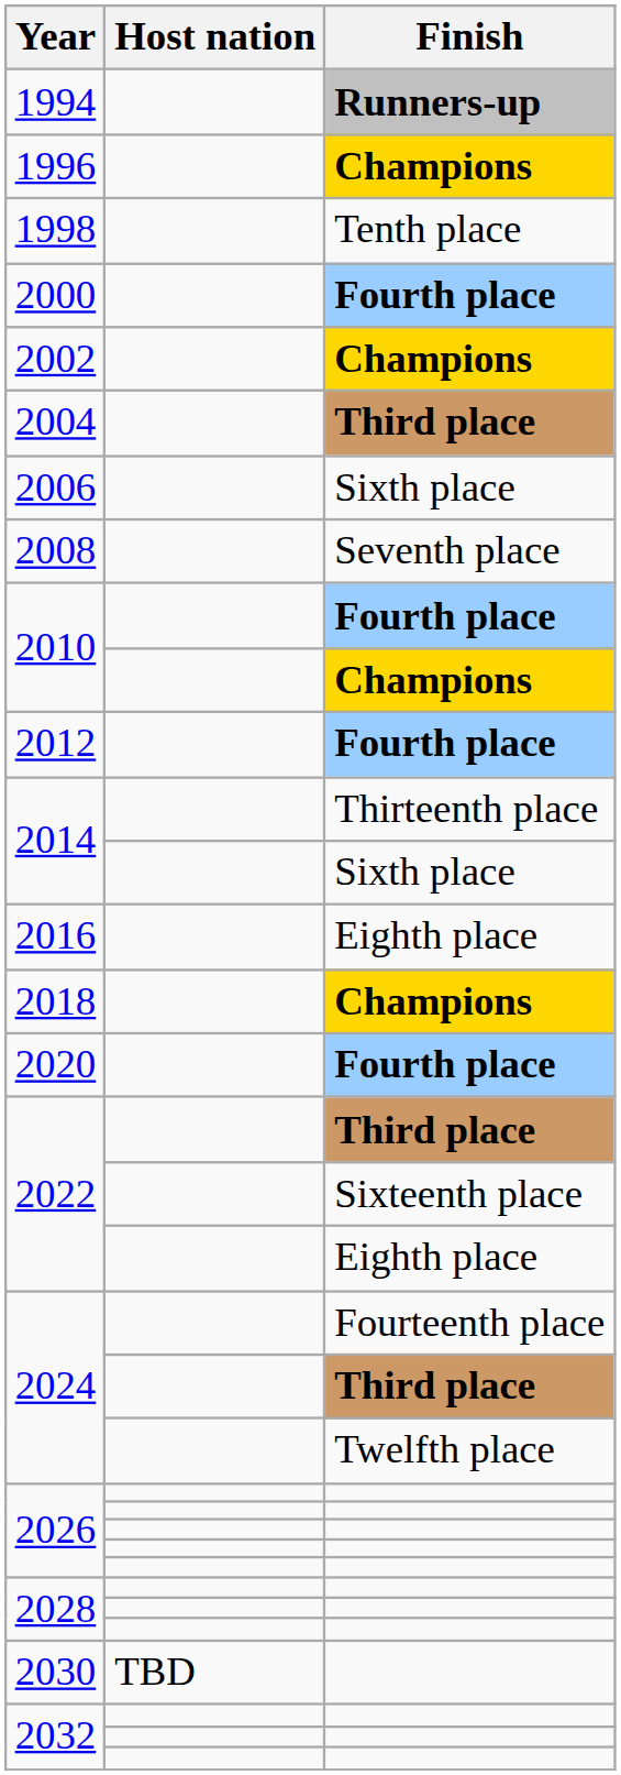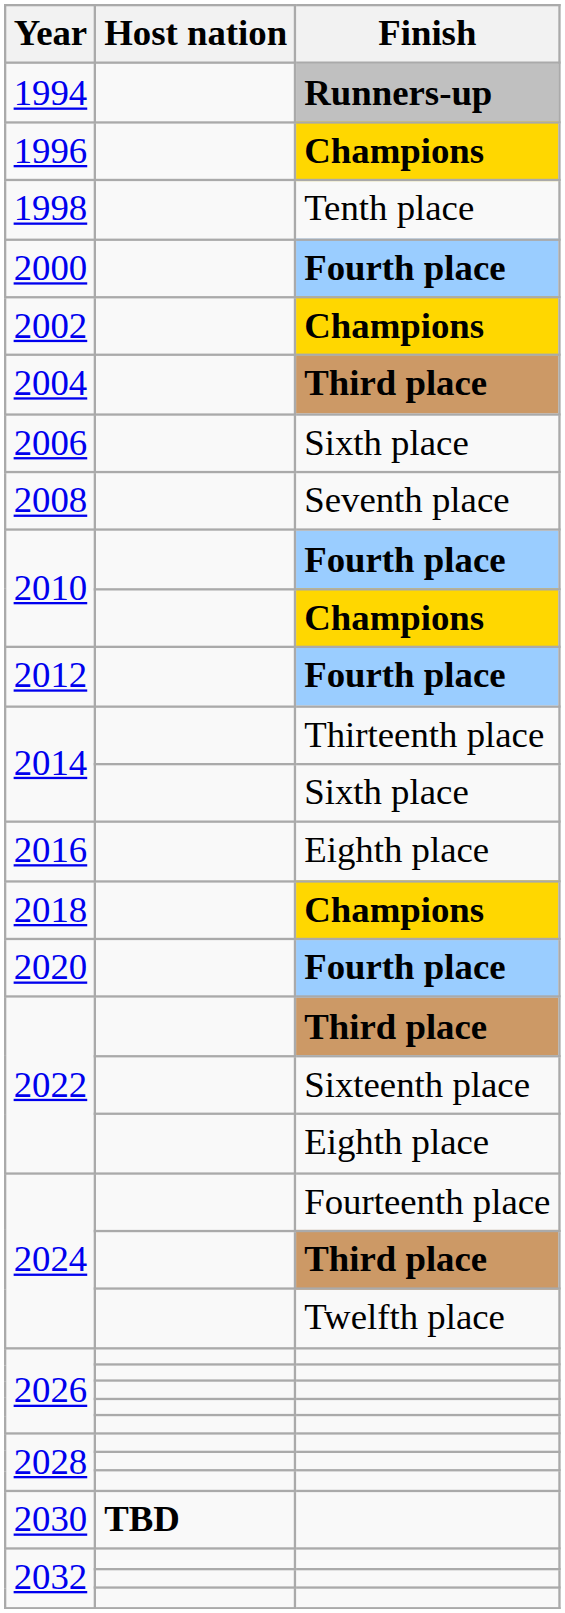 <table class="wikitable">
 <tr>
 <th>Year</th>
 <th>Host nation</th>
 <th>Finish</th>
 </tr>
 <tr>
 <td><a href='#'>1994</a></td>
 <td></td>
 <td bgcolor=silver><strong>Runners-up</strong></td>
 </tr>
 <tr>
 <td><a href='#'>1996</a></td>
 <td></td>
 <td bgcolor=gold><strong>Champions</strong></td>
 </tr>
 <tr>
 <td><a href='#'>1998</a></td>
 <td></td>
 <td>Tenth place</td>
 </tr>
 <tr>
 <td><a href='#'>2000</a></td>
 <td></td>
 <td bgcolor=#9acdff><strong>Fourth place</strong></td>
 </tr>
 <tr>
 <td><a href='#'>2002</a></td>
 <td></td>
 <td bgcolor=gold><strong>Champions</strong></td>
 </tr>
 <tr>
 <td><a href='#'>2004</a></td>
 <td></td>
 <td bgcolor=#cc9966><strong>Third place</strong></td>
 </tr>
 <tr>
 <td><a href='#'>2006</a></td>
 <td></td>
 <td>Sixth place</td>
 </tr>
 <tr>
 <td><a href='#'>2008</a></td>
 <td></td>
 <td>Seventh place</td>
 </tr>
 <tr>
 <td rowspan=2><a href='#'>2010</a></td>
 <td></td>
 <td bgcolor=#9acdff><strong>Fourth place</strong></td>
 </tr>
 <tr>
 <td></td>
 <td bgcolor=gold><strong>Champions</strong></td>
 </tr>
 <tr>
 <td><a href='#'>2012</a></td>
 <td></td>
 <td bgcolor=#9acdff><strong>Fourth place</strong></td>
 </tr>
 <tr>
 <td rowspan=2><a href='#'>2014</a></td>
 <td></td>
 <td>Thirteenth place</td>
 </tr>
 <tr>
 <td></td>
 <td>Sixth place</td>
 </tr>
 <tr>
 <td><a href='#'>2016</a></td>
 <td></td>
 <td>Eighth place</td>
 </tr>
 <tr>
 <td><a href='#'>2018</a></td>
 <td></td>
 <td bgcolor=gold><strong>Champions</strong></td>
 </tr>
 <tr>
 <td><a href='#'>2020</a></td>
 <td></td>
 <td bgcolor=#9acdff><strong>Fourth place</strong></td>
 </tr>
 <tr>
 <td rowspan=3><a href='#'>2022</a></td>
 <td></td>
 <td bgcolor=#cc9966><strong>Third place</strong></td>
 </tr>
 <tr>
 <td></td>
 <td>Sixteenth place</td>
 </tr>
 <tr>
 <td></td>
 <td>Eighth place</td>
 </tr>
 <tr>
 <td rowspan=3><a href='#'>2024</a></td>
 <td></td>
 <td>Fourteenth place</td>
 </tr>
 <tr>
 <td></td>
 <td bgcolor=#cc9966><strong>Third place</strong></td>
 </tr>
 <tr>
 <td></td>
 <td>Twelfth place</td>
 </tr>
 <tr>
 <td rowspan=5><a href='#'>2026</a></td>
 <td></td>
 <td></td>
 </tr>
 <tr>
 <td></td>
 <td></td>
 </tr>
 <tr>
 <td></td>
 <td></td>
 </tr>
 <tr>
 <td></td>
 <td></td>
 </tr>
 <tr>
 <td></td>
 <td></td>
 </tr>
 <tr>
 <td rowspan=3><a href='#'>2028</a></td>
 <td></td>
 <td></td>
 </tr>
 <tr>
 <td></td>
 <td></td>
 </tr>
 <tr>
 <td></td>
 <td></td>
 </tr>
 <tr>
 <td><a href='#'>2030</a></td>
-<td> TBD</td>
+<td><strong> TBD</strong></td>
 <td></td>
 </tr>
 <tr>
 <td rowspan=3><a href='#'>2032</a></td>
 <td></td>
 <td></td>
 </tr>
 <tr>
 <td></td>
 <td></td>
 </tr>
 <tr>
 <td></td>
 <td></td>
 </tr>
 </table>
